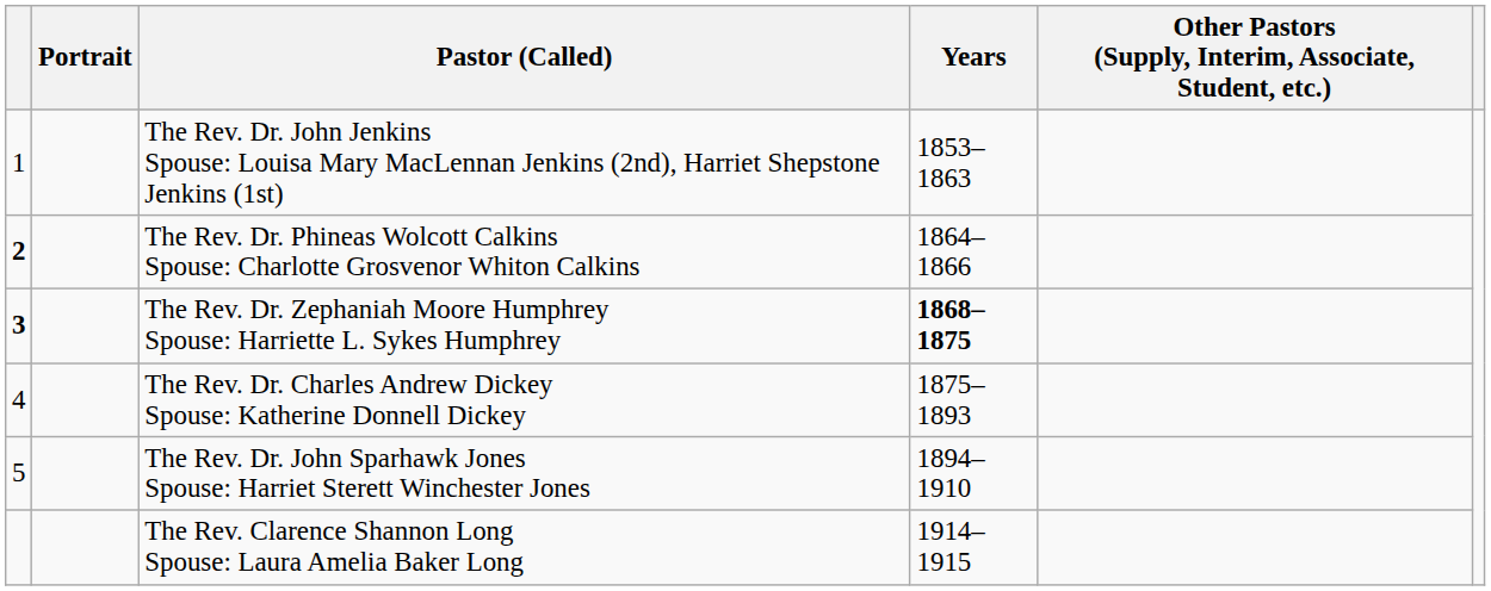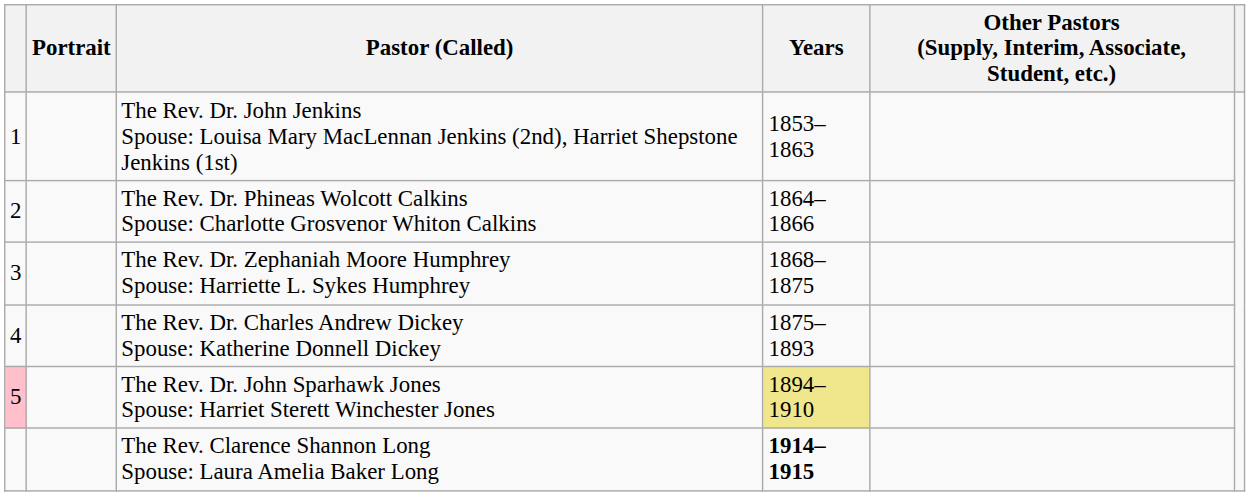 <table class="wikitable">
 <tr>
 <th scope="col"></th>
 <th scope="col">Portrait</th>
 <th scope="col">Pastor (Called)</th>
 <th scope="col">Years</th>
 <th scope="col">Other Pastors<br>(Supply, Interim, Associate, Student, etc.)</th>
 <th scope="col"></th>
 </tr>
 <tr>
 <td ! scope="row">1</td>
 <td></td>
 <td>The Rev. Dr. John Jenkins<br>Spouse: Louisa Mary MacLennan Jenkins (2nd), Harriet Shepstone Jenkins (1st)</td>
 <td>1853–1863</td>
 <td></td>
 </tr>
 <tr>
-<td ! scope="row"><strong>2</strong></td>
+<td ! scope="row">2</td>
 <td></td>
 <td>The Rev. Dr. Phineas Wolcott Calkins<br>Spouse:  Charlotte Grosvenor Whiton Calkins</td>
 <td>1864–1866</td>
 <td></td>
 </tr>
 <tr>
-<td ! scope="row"><strong>3</strong></td>
+<td ! scope="row">3</td>
 <td></td>
 <td>The Rev. Dr. Zephaniah Moore Humphrey<br>Spouse: Harriette L. Sykes Humphrey</td>
-<td><strong>1868–1875</strong></td>
+<td>1868–1875</td>
 <td></td>
 </tr>
 <tr>
 <td ! scope="row">4</td>
 <td></td>
 <td>The Rev. Dr. Charles Andrew Dickey<br>Spouse:  Katherine Donnell Dickey</td>
 <td>1875–1893</td>
 <td></td>
 </tr>
 <tr>
-<td ! scope="row">5</td>
+<td ! scope="row" style="background: pink;">5</td>
 <td></td>
 <td>The Rev. Dr. John Sparhawk Jones<br>Spouse: Harriet Sterett Winchester Jones</td>
-<td>1894–1910</td>
+<td style="background: khaki;">1894–1910</td>
 <td></td>
 </tr>
 <tr>
 <td></td>
 <td></td>
 <td>The Rev. Clarence Shannon Long<br>Spouse:  Laura Amelia Baker Long</td>
-<td>1914–1915</td>
+<td><strong>1914–1915</strong></td>
 <td></td>
 </tr>
 </table>
